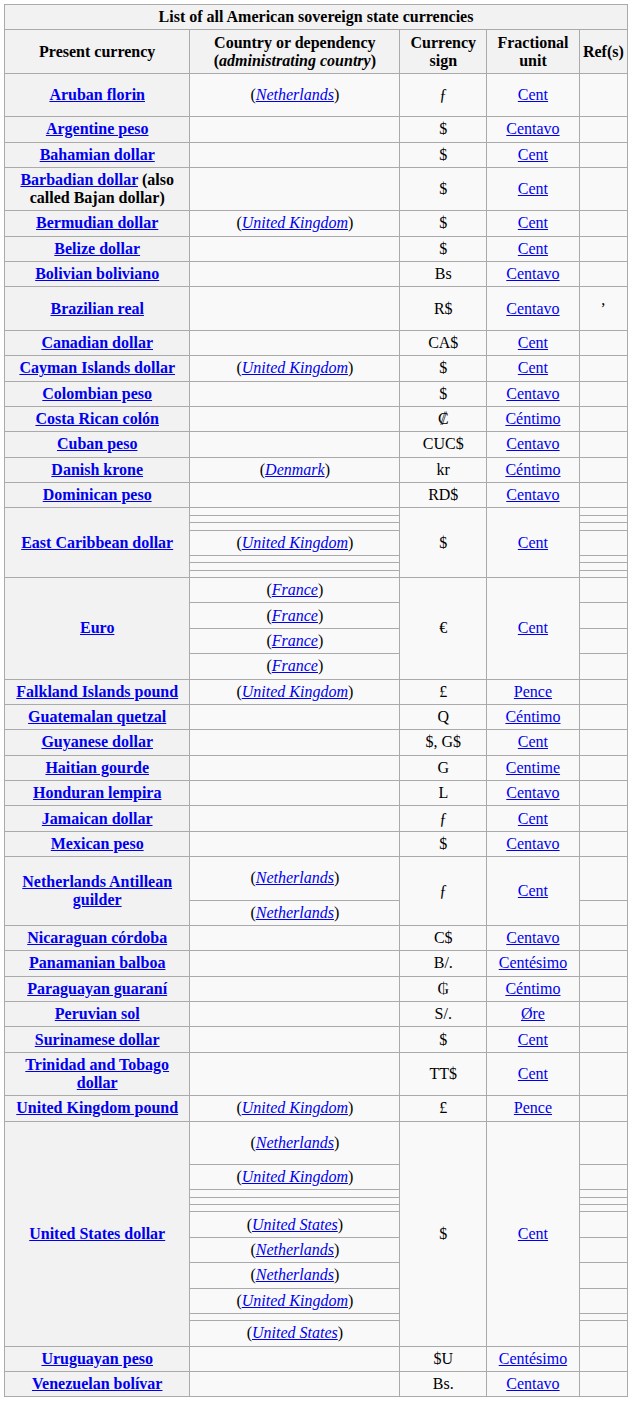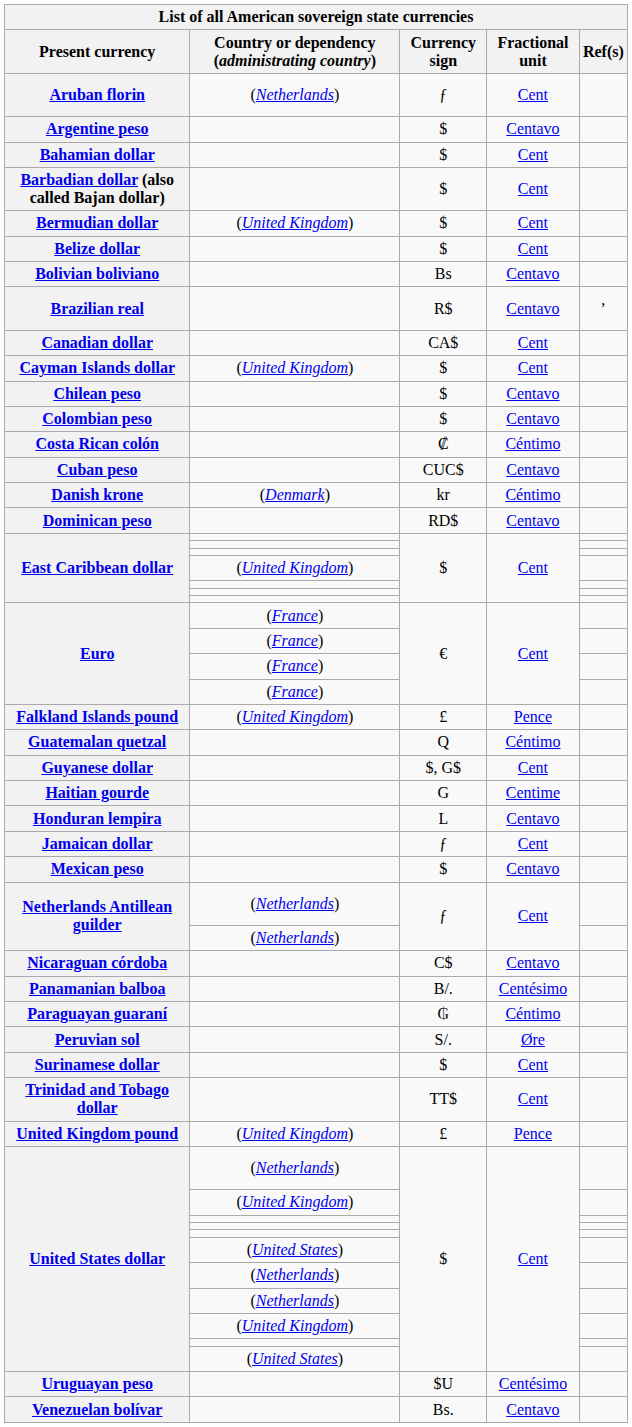 <table class="sortable wikitable plainrowheaders" style="width:100%; text-align: center">
 <tr>
 <th colspan="5">List of all American sovereign state currencies</th>
 </tr>
 <tr>
 <th scope="col">Present currency</th>
 <th scope="col">Country or dependency (<em>administrating country</em>)</th>
 <th scope="col" class="unsortable">Currency sign</th>
 <th scope="col">Fractional unit</th>
 <th scope="col" class="unsortable">Ref(s)</th>
 </tr>
 <tr>
 <th scope="row"><a href='#'>Aruban florin</a></th>
 <td> (<em><a href='#'>Netherlands</a></em>)</td>
 <td>ƒ</td>
 <td><a href='#'>Cent</a></td>
 <td style="text-align:center;"><br><br></td>
 </tr>
 <tr>
 <th scope="row"><a href='#'>Argentine peso</a></th>
 <td></td>
 <td>$</td>
 <td><a href='#'>Centavo</a></td>
 <td style="text-align:center;"><br></td>
 </tr>
 <tr>
 <th scope="row"><a href='#'>Bahamian dollar</a></th>
 <td></td>
 <td>$</td>
 <td><a href='#'>Cent</a></td>
 <td style="text-align:center;"></td>
 </tr>
 <tr>
 <th scope="row"><a href='#'>Barbadian dollar</a> (also called Bajan dollar)</th>
 <td></td>
 <td>$</td>
 <td><a href='#'>Cent</a></td>
 <td style="text-align:center;"><br></td>
 </tr>
 <tr>
 <th scope="row"><a href='#'>Bermudian dollar</a></th>
 <td> (<em><a href='#'>United Kingdom</a></em>)</td>
 <td>$</td>
 <td><a href='#'>Cent</a></td>
 <td style="text-align:center;"></td>
 </tr>
 <tr>
 <th scope="row"><a href='#'>Belize dollar</a></th>
 <td></td>
 <td>$</td>
 <td><a href='#'>Cent</a></td>
 <td style="text-align:center;"><br></td>
 </tr>
 <tr>
 <th scope="row"><a href='#'>Bolivian boliviano</a></th>
 <td></td>
 <td>Bs</td>
 <td><a href='#'>Centavo</a></td>
 <td style="text-align:center;"><br></td>
 </tr>
 <tr>
 <th scope="row"><a href='#'>Brazilian real</a></th>
 <td></td>
 <td>R$</td>
 <td><a href='#'>Centavo</a></td>
 <td style="text-align:center;">,<br><br></td>
 </tr>
 <tr>
 <th scope="row"><a href='#'>Canadian dollar</a></th>
 <td></td>
 <td>CA$</td>
 <td><a href='#'>Cent</a></td>
 <td style="text-align:center;"><br></td>
 </tr>
 <tr>
 <th scope="row"><a href='#'>Cayman Islands dollar</a></th>
 <td> (<em><a href='#'>United Kingdom</a></em>)</td>
 <td>$</td>
 <td><a href='#'>Cent</a></td>
 <td style="text-align:center;"></td>
+</tr>
+<tr>
+<th scope="row"><a href='#'>Chilean peso</a></th>
+<td></td>
+<td>$</td>
+<td><a href='#'>Centavo</a></td>
+<td style="text-align:center;"><br></td>
 </tr>
 <tr>
 <th scope="row"><a href='#'>Colombian peso</a></th>
 <td></td>
 <td>$</td>
 <td><a href='#'>Centavo</a></td>
 <td style="text-align:center;"><br></td>
 </tr>
 <tr>
 <th scope="row"><a href='#'>Costa Rican colón</a></th>
 <td></td>
 <td>₡</td>
 <td><a href='#'>Céntimo</a></td>
 <td style="text-align:center;"><br></td>
 </tr>
 <tr>
 <th scope="row"><a href='#'>Cuban peso</a></th>
 <td></td>
 <td>CUC$</td>
 <td><a href='#'>Centavo</a></td>
 <td style="text-align:center;"></td>
 </tr>
 <tr>
 <th scope="row"><a href='#'>Danish krone</a></th>
 <td> (<em><a href='#'>Denmark</a></em>)</td>
 <td>kr</td>
 <td><a href='#'>Céntimo</a></td>
 <td style="text-align:center;"></td>
 </tr>
 <tr>
 <th scope="row"><a href='#'>Dominican peso</a></th>
 <td></td>
 <td>RD$</td>
 <td><a href='#'>Centavo</a></td>
 <td style="text-align:center;"><br></td>
 </tr>
 <tr>
 <th scope="row" rowspan="7"><a href='#'>East Caribbean dollar</a></th>
 <td></td>
 <td rowspan="7">$</td>
 <td rowspan="7"><a href='#'>Cent</a></td>
 <td style="text-align:center;"></td>
 </tr>
 <tr>
 <td></td>
 <td style="text-align:center;"></td>
 </tr>
 <tr>
 <td></td>
 <td style="text-align:center;"></td>
 </tr>
 <tr>
 <td> (<em><a href='#'>United Kingdom</a></em>)</td>
 <td style="text-align:center;"></td>
 </tr>
 <tr>
 <td></td>
 <td style="text-align:center;"></td>
 </tr>
 <tr>
 <td></td>
 <td style="text-align:center;"></td>
 </tr>
 <tr>
 <td></td>
 <td style="text-align:center;"></td>
 </tr>
 <tr>
 <th scope="row" rowspan="4"><a href='#'>Euro</a></th>
 <td> (<em><a href='#'>France</a></em>)</td>
 <td rowspan="4">€</td>
 <td rowspan="4"><a href='#'>Cent</a></td>
 <td style="text-align:center;"></td>
 </tr>
 <tr>
 <td> (<em><a href='#'>France</a></em>)</td>
 <td style="text-align:center;"></td>
 </tr>
 <tr>
 <td> (<em><a href='#'>France</a></em>)</td>
 <td style="text-align:center;"></td>
 </tr>
 <tr>
 <td> (<em><a href='#'>France</a></em>)</td>
 <td style="text-align:center;"></td>
 </tr>
 <tr>
 <th scope="row"><a href='#'>Falkland Islands pound</a></th>
 <td> (<em><a href='#'>United Kingdom</a></em>)</td>
 <td>£</td>
 <td><a href='#'>Pence</a></td>
 <td style="text-align:center;"><br></td>
 </tr>
 <tr>
 <th scope="row"><a href='#'>Guatemalan quetzal</a></th>
 <td></td>
 <td>Q</td>
 <td><a href='#'>Céntimo</a></td>
 <td style="text-align:center;"><br></td>
 </tr>
 <tr>
 <th scope="row"><a href='#'>Guyanese dollar</a></th>
 <td></td>
 <td>$, G$</td>
 <td><a href='#'>Cent</a></td>
 <td style="text-align:center;"><br></td>
 </tr>
 <tr>
 <th scope="row"><a href='#'>Haitian gourde</a></th>
 <td></td>
 <td>G</td>
 <td><a href='#'>Centime</a></td>
 <td style="text-align:center;"><br></td>
 </tr>
 <tr>
 <th scope="row"><a href='#'>Honduran lempira</a></th>
 <td></td>
 <td>L</td>
 <td><a href='#'>Centavo</a></td>
 <td style="text-align:center;"><br></td>
 </tr>
 <tr>
 <th scope="row"><a href='#'>Jamaican dollar</a></th>
 <td></td>
 <td>ƒ</td>
 <td><a href='#'>Cent</a></td>
 <td style="text-align:center;"><br></td>
 </tr>
 <tr>
 <th scope="row"><a href='#'>Mexican peso</a></th>
 <td></td>
 <td>$</td>
 <td><a href='#'>Centavo</a></td>
 <td style="text-align:center;"><br></td>
 </tr>
 <tr>
 <th scope="row" rowspan="2"><a href='#'>Netherlands Antillean guilder</a></th>
 <td> (<em><a href='#'>Netherlands</a></em>)</td>
 <td rowspan="2">ƒ</td>
 <td rowspan="2"><a href='#'>Cent</a></td>
 <td style="text-align:center;"><br><br></td>
 </tr>
 <tr>
 <td> (<em><a href='#'>Netherlands</a></em>)</td>
 <td style="text-align:center;"></td>
 </tr>
 <tr>
 <th scope="row"><a href='#'>Nicaraguan córdoba</a></th>
 <td></td>
 <td>C$</td>
 <td><a href='#'>Centavo</a></td>
 <td style="text-align:center;"><br></td>
 </tr>
 <tr>
 <th scope="row"><a href='#'>Panamanian balboa</a></th>
 <td></td>
 <td>B/.</td>
 <td><a href='#'>Centésimo</a></td>
 <td style="text-align:center;"><br></td>
 </tr>
 <tr>
 <th scope="row"><a href='#'>Paraguayan guaraní</a></th>
 <td></td>
 <td>₲</td>
 <td><a href='#'>Céntimo</a></td>
 <td style="text-align:center;"></td>
 </tr>
 <tr>
 <th scope="row"><a href='#'>Peruvian sol</a></th>
 <td></td>
 <td>S/.</td>
 <td><a href='#'>Øre</a></td>
 <td style="text-align:center;"><br></td>
 </tr>
 <tr>
 <th scope="row"><a href='#'>Surinamese dollar</a></th>
 <td></td>
 <td>$</td>
 <td><a href='#'>Cent</a></td>
 <td style="text-align:center;"><br></td>
 </tr>
 <tr>
 <th scope="row"><a href='#'>Trinidad and Tobago dollar</a></th>
 <td></td>
 <td>TT$</td>
 <td><a href='#'>Cent</a></td>
 <td style="text-align:center;"><br></td>
 </tr>
 <tr>
 <th scope="row"><a href='#'>United Kingdom pound</a></th>
 <td> (<em><a href='#'>United Kingdom</a></em>)</td>
 <td>£</td>
 <td><a href='#'>Pence</a></td>
 <td style="text-align:center;"></td>
 </tr>
 <tr>
 <th scope="row" rowspan="11"><a href='#'>United States dollar</a></th>
 <td> (<em><a href='#'>Netherlands</a></em>)</td>
 <td rowspan="11">$</td>
 <td rowspan="11"><a href='#'>Cent</a></td>
 <td style="text-align:center;"><br><br></td>
 </tr>
 <tr>
 <td> (<em><a href='#'>United Kingdom</a></em>)</td>
 <td style="text-align:center;"></td>
 </tr>
 <tr>
 <td></td>
 <td style="text-align:center;"></td>
 </tr>
 <tr>
 <td></td>
 <td style="text-align:center;"></td>
 </tr>
 <tr>
 <td></td>
 <td style="text-align:center;"></td>
 </tr>
 <tr>
 <td> (<em><a href='#'>United States</a></em>)</td>
 <td style="text-align:center;"></td>
 </tr>
 <tr>
 <td> (<em><a href='#'>Netherlands</a></em>)</td>
 <td style="text-align:center;"></td>
 </tr>
 <tr>
 <td> (<em><a href='#'>Netherlands</a></em>)</td>
 <td style="text-align:center;"></td>
 </tr>
 <tr>
 <td> (<em><a href='#'>United Kingdom</a></em>)</td>
 <td style="text-align:center;"></td>
 </tr>
 <tr>
 <td></td>
 <td style="text-align:center;"></td>
 </tr>
 <tr>
 <td> (<em><a href='#'>United States</a></em>)</td>
 <td style="text-align:center;"></td>
 </tr>
 <tr>
 <th scope="row"><a href='#'>Uruguayan peso</a></th>
 <td></td>
 <td>$U</td>
 <td><a href='#'>Centésimo</a></td>
 <td style="text-align:center;"><br></td>
 </tr>
 <tr>
 <th scope="row"><a href='#'>Venezuelan bolívar</a></th>
 <td></td>
 <td>Bs.</td>
 <td><a href='#'>Centavo</a></td>
 <td style="text-align:center;"><br></td>
 </tr>
 </table>
